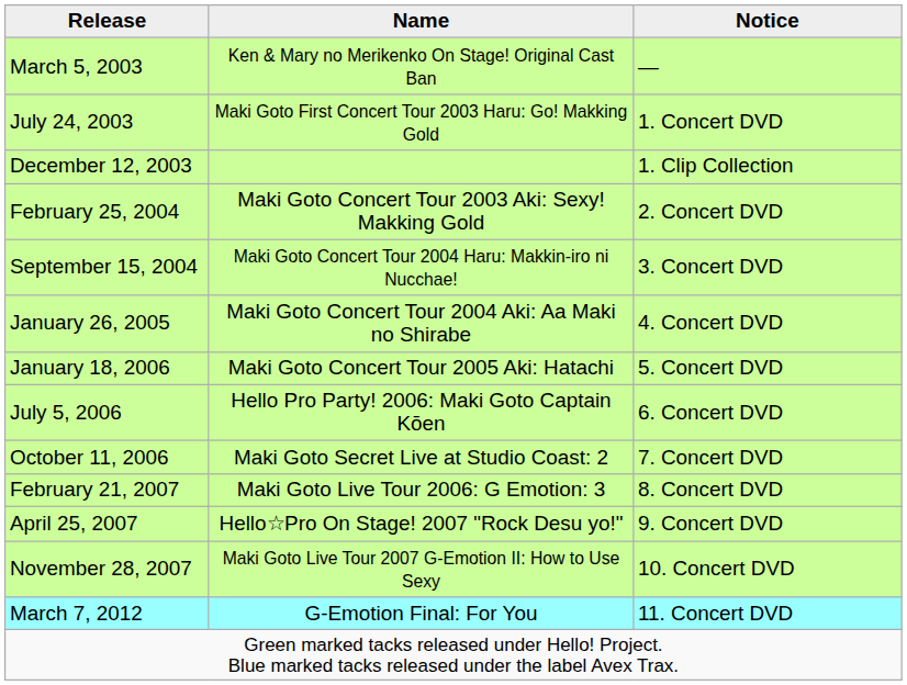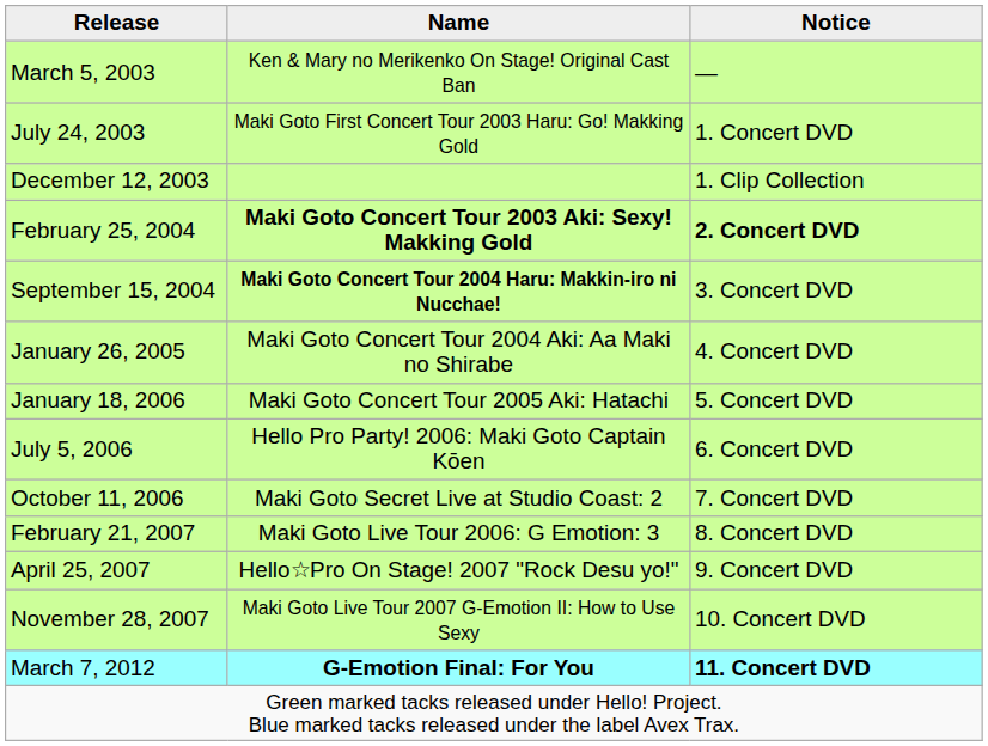 <table class="wikitable">
 <tr>
 <th style="width:150px; background:#eee;"><strong>Release</strong></th>
 <th style="width:320px; background:#eee;"><strong>Name</strong></th>
 <th style="width:200px; background:#eee;"><strong>Notice</strong></th>
 </tr>
 <tr style="background:#cf9;">
 <td>March 5, 2003</td>
 <td style="text-align:center;"><small>Ken & Mary no Merikenko On Stage! Original Cast Ban</small></td>
 <td>—</td>
 </tr>
 <tr style="background:#cf9;">
 <td>July 24, 2003</td>
 <td style="text-align:center;"><small>Maki Goto First Concert Tour 2003 Haru: Go! Makking Gold</small></td>
 <td>1. Concert DVD</td>
 </tr>
 <tr style="background:#cf9;">
 <td>December 12, 2003</td>
 <td style="text-align:center;"><small></small></td>
 <td>1. Clip Collection</td>
 </tr>
 <tr style="background:#cf9;">
 <td>February 25, 2004</td>
-<td style="text-align:center;">Maki Goto Concert Tour 2003 Aki: Sexy! Makking Gold</td>
-<td>2. Concert DVD</td>
+<td style="text-align:center;"><strong>Maki Goto Concert Tour 2003 Aki: Sexy! Makking Gold</strong></td>
+<td><strong>2. Concert DVD</strong></td>
 </tr>
 <tr style="background:#cf9;">
 <td>September 15, 2004</td>
-<td style="text-align:center;"><small>Maki Goto Concert Tour 2004 Haru: Makkin-iro ni Nucchae!</small></td>
+<td style="text-align:center;"><strong><small>Maki Goto Concert Tour 2004 Haru: Makkin-iro ni Nucchae!</small></strong></td>
 <td>3. Concert DVD</td>
 </tr>
 <tr style="background:#cf9;">
 <td>January 26, 2005</td>
 <td style="text-align:center;">Maki Goto Concert Tour 2004 Aki: Aa Maki no Shirabe</td>
 <td>4. Concert DVD</td>
 </tr>
 <tr style="background:#cf9;">
 <td>January 18, 2006</td>
 <td style="text-align:center;">Maki Goto Concert Tour 2005 Aki: Hatachi</td>
 <td>5. Concert DVD</td>
 </tr>
 <tr style="background:#cf9;">
 <td>July 5, 2006</td>
 <td style="text-align:center;">Hello Pro Party! 2006: Maki Goto Captain Kōen</td>
 <td>6. Concert DVD</td>
 </tr>
 <tr style="background:#cf9;">
 <td>October 11, 2006</td>
 <td style="text-align:center;">Maki Goto Secret Live at Studio Coast: 2</td>
 <td>7. Concert DVD</td>
 </tr>
 <tr style="background:#cf9;">
 <td>February 21, 2007</td>
 <td style="text-align:center;">Maki Goto Live Tour 2006: G Emotion: 3</td>
 <td>8. Concert DVD</td>
 </tr>
 <tr style="background:#cf9;">
 <td>April 25, 2007</td>
 <td style="text-align:center;">Hello☆Pro On Stage! 2007 "Rock Desu yo!"</td>
 <td>9. Concert DVD</td>
 </tr>
 <tr style="background:#cf9;">
 <td>November 28, 2007</td>
 <td style="text-align:center;"><small>Maki Goto Live Tour 2007 G-Emotion II: How to Use Sexy</small></td>
 <td>10. Concert DVD</td>
 </tr>
 <tr style="background:#9ff;">
 <td>March 7, 2012</td>
-<td style="text-align:center;">G-Emotion Final: For You</td>
-<td>11. Concert DVD</td>
+<td style="text-align:center;"><strong>G-Emotion Final: For You</strong></td>
+<td><strong>11. Concert DVD</strong></td>
 </tr>
 <tr>
 <td colspan="5" style="text-align:center; font-size:90%;">Green marked tacks released under Hello! Project.<br>Blue marked tacks released under the label Avex Trax.<br></td>
 </tr>
 </table>
